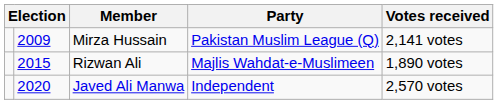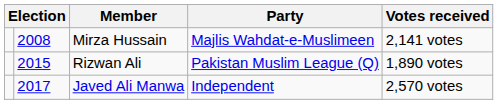 <table class="wikitable">
 <tr>
 <th colspan="2">Election</th>
 <th>Member</th>
 <th>Party</th>
 <th>Votes received</th>
 </tr>
 <tr>
 <td style="background-color: "></td>
-<td><a href='#'>2009</a></td>
+<td><a href='#'>2008</a></td>
 <td>Mirza Hussain</td>
-<td><a href='#'>Pakistan Muslim League (Q)</a></td>
+<td><a href='#'>Majlis Wahdat-e-Muslimeen</a></td>
 <td>2,141 votes</td>
 </tr>
 <tr>
 <td style="background-color: "></td>
 <td><a href='#'>2015</a></td>
 <td>Rizwan Ali</td>
-<td><a href='#'>Majlis Wahdat-e-Muslimeen</a></td>
+<td><a href='#'>Pakistan Muslim League (Q)</a></td>
 <td>1,890 votes</td>
 </tr>
 <tr>
 <td></td>
-<td><a href='#'>2020</a></td>
+<td><a href='#'>2017</a></td>
 <td><a href='#'>Javed Ali Manwa</a></td>
 <td><a href='#'>Independent</a></td>
 <td>2,570 votes</td>
 </tr>
 </table>
